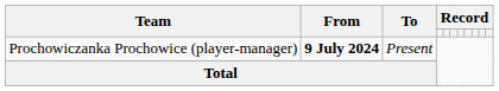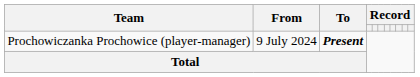 <table class="wikitable" style="text-align: center;">
 <tr>
 <th rowspan="2">Team</th>
 <th rowspan="2">From</th>
 <th rowspan="2">To</th>
 <th colspan="8">Record</th>
 </tr>
 <tr>
 <th></th>
 <th></th>
 <th></th>
 <th></th>
 <th></th>
 <th></th>
 <th></th>
 <th></th>
 </tr>
 <tr>
 <td align=left>Prochowiczanka Prochowice (player-manager)</td>
-<td align=left><strong>9 July 2024</strong></td>
-<td align=left><em>Present</em><br></td>
+<td align=left>9 July 2024</td>
+<td align=left><strong><em>Present</em><br></strong></td>
 </tr>
 <tr>
 <th colspan="3">Total<br></th>
 </tr>
 </table>
